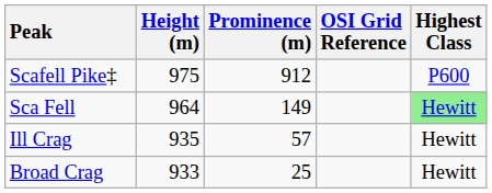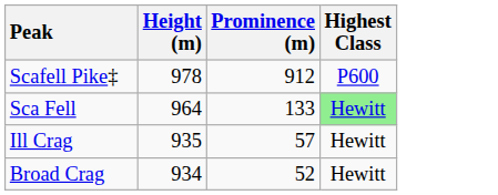 <table class="wikitable sortable" style="border-collapse: collapse;">
 <tr>
 <th style="text-align:left">Peak</th>
 <th style="text-align:right"><a href='#'>Height</a><br>(m)</th>
 <th style="text-align:right"><a href='#'>Prominence</a><br>(m)</th>
-<th style="text-align:left"><a href='#'>OSI Grid</a><br>Reference</th>
 <th style="text-align:center">Highest<br>Class</th>
 </tr>
 <tr>
 <td><a href='#'>Scafell Pike</a>‡   </td>
-<td align=right>975</td>
+<td align=right>978</td>
 <td align=right>912</td>
-<td></td>
 <td align=center><a href='#'>P600</a></td>
 </tr>
 <tr>
 <td><a href='#'>Sca Fell</a></td>
 <td align=right>964</td>
-<td align=right>149</td>
-<td></td>
+<td align=right>133</td>
 <td align=center style="background: lightgreen;"><a href='#'>Hewitt</a></td>
 </tr>
 <tr>
 <td><a href='#'>Ill Crag</a></td>
 <td align=right>935</td>
 <td align=right>57</td>
-<td></td>
 <td align=center>Hewitt</td>
 </tr>
 <tr>
 <td><a href='#'>Broad Crag</a></td>
-<td align=right>933</td>
-<td align=right>25</td>
-<td></td>
+<td align=right>934</td>
+<td align=right>52</td>
 <td align=center>Hewitt</td>
 </tr>
 </table>
